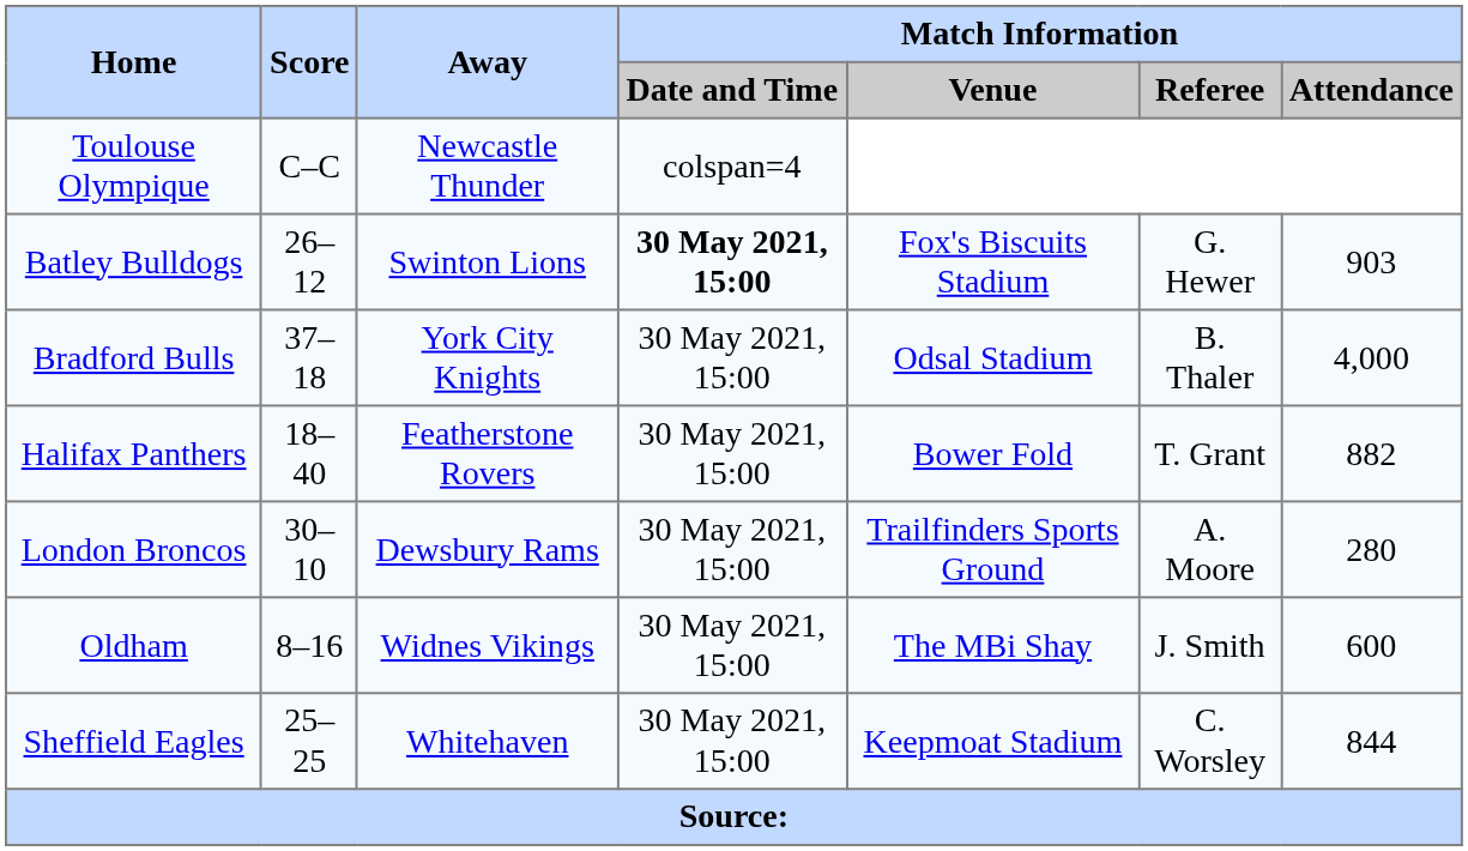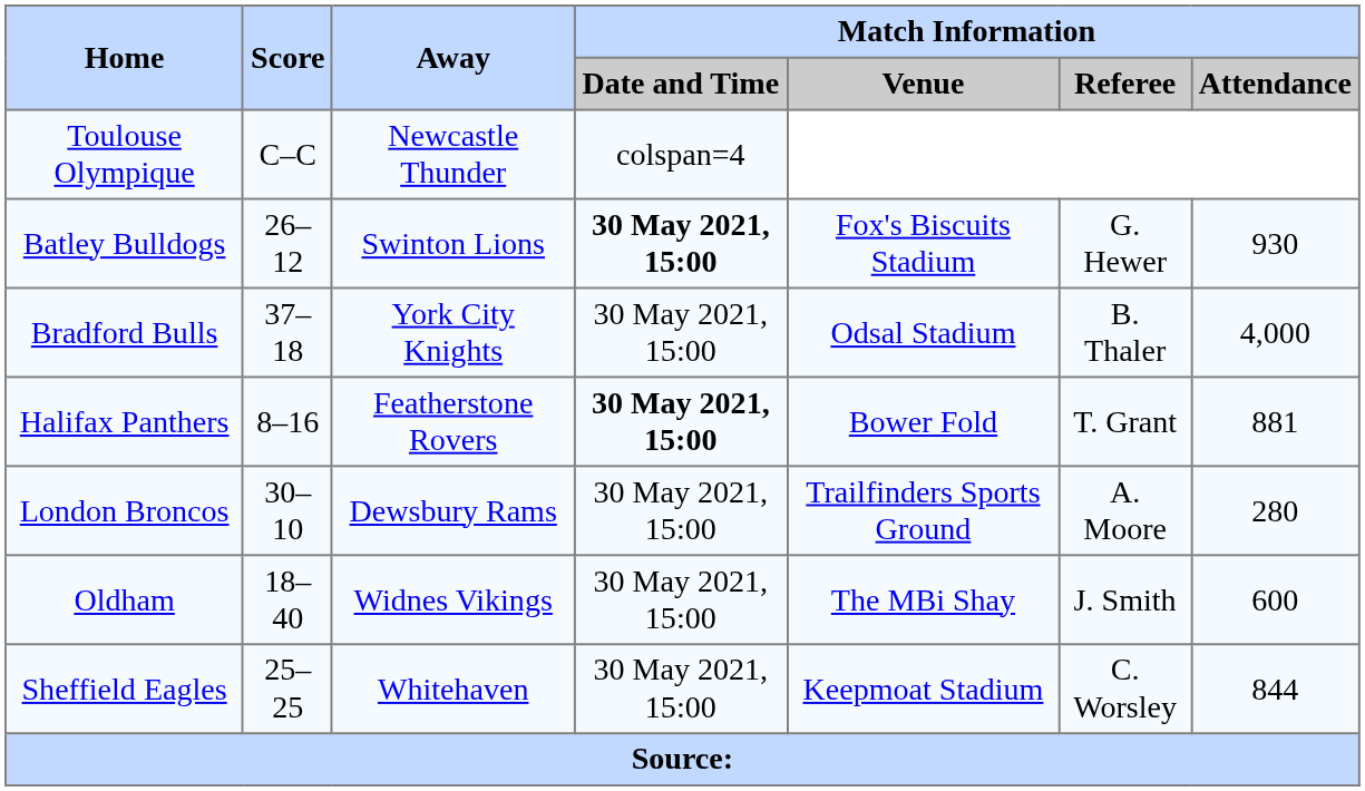 <table border=1 style="border-collapse:collapse; font-size:90%; text-align:center;" cellpadding=3 cellspacing=0 width=100%>
 <tr style="background:#c1d8ff;">
 <th scope="col" rowspan=2 width=19%>Home</th>
 <th scope="col" rowspan=2 width=6%>Score</th>
 <th scope="col" rowspan=2 width=19%>Away</th>
 <th colspan=6>Match Information</th>
 </tr>
 <tr style="background:#cccccc;">
 <th scope="col" width=17%>Date and Time</th>
 <th scope="col" width=22%>Venue</th>
 <th scope="col" width=10%>Referee</th>
 <th scope="col" width=7%>Attendance</th>
 </tr>
 <tr style="background:#f5faff;">
 <td> <a href='#'>Toulouse Olympique</a></td>
 <td>C–C</td>
 <td> <a href='#'>Newcastle Thunder</a></td>
 <td>colspan=4</td>
 </tr>
 <tr style="background:#f5faff;">
 <td> <a href='#'>Batley Bulldogs</a></td>
 <td>26–12</td>
 <td> <a href='#'>Swinton Lions</a></td>
 <td><strong>30 May 2021, 15:00</strong></td>
 <td><a href='#'>Fox's Biscuits Stadium</a></td>
 <td>G. Hewer</td>
-<td>903</td>
+<td>930</td>
 </tr>
 <tr style="background:#f5faff;">
 <td> <a href='#'>Bradford Bulls</a></td>
 <td>37–18</td>
 <td> <a href='#'>York City Knights</a></td>
 <td>30 May 2021, 15:00</td>
 <td><a href='#'>Odsal Stadium</a></td>
 <td>B. Thaler</td>
 <td>4,000</td>
 </tr>
 <tr style="background:#f5faff;">
 <td> <a href='#'>Halifax Panthers</a></td>
-<td>18–40</td>
+<td>8–16</td>
 <td> <a href='#'>Featherstone Rovers</a></td>
-<td>30 May 2021, 15:00</td>
+<td><strong>30 May 2021, 15:00</strong></td>
 <td><a href='#'>Bower Fold</a></td>
 <td>T. Grant</td>
-<td>882</td>
+<td>881</td>
 </tr>
 <tr style="background:#f5faff;">
 <td> <a href='#'>London Broncos</a></td>
 <td>30–10</td>
 <td> <a href='#'>Dewsbury Rams</a></td>
 <td>30 May 2021, 15:00</td>
 <td><a href='#'>Trailfinders Sports Ground</a></td>
 <td>A. Moore</td>
 <td>280</td>
 </tr>
 <tr style="background:#f5faff;">
 <td> <a href='#'>Oldham</a></td>
-<td>8–16</td>
+<td>18–40</td>
 <td> <a href='#'>Widnes Vikings</a></td>
 <td>30 May 2021, 15:00</td>
 <td><a href='#'>The MBi Shay</a></td>
 <td>J. Smith</td>
 <td>600</td>
 </tr>
 <tr style="background:#f5faff;">
 <td> <a href='#'>Sheffield Eagles</a></td>
 <td>25–25</td>
 <td> <a href='#'>Whitehaven</a></td>
 <td>30 May 2021, 15:00</td>
 <td><a href='#'>Keepmoat Stadium</a></td>
 <td>C. Worsley</td>
 <td>844</td>
 </tr>
 <tr style="background:#c1d8ff;">
 <th colspan=7>Source:</th>
 </tr>
 </table>
